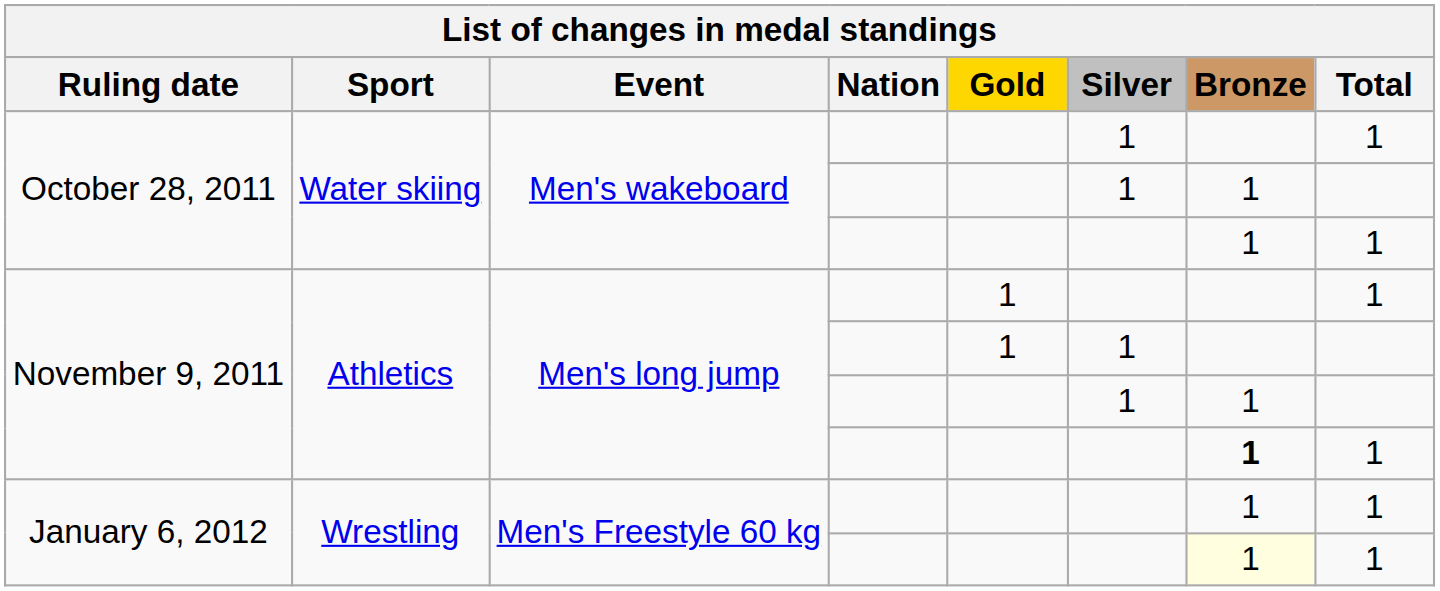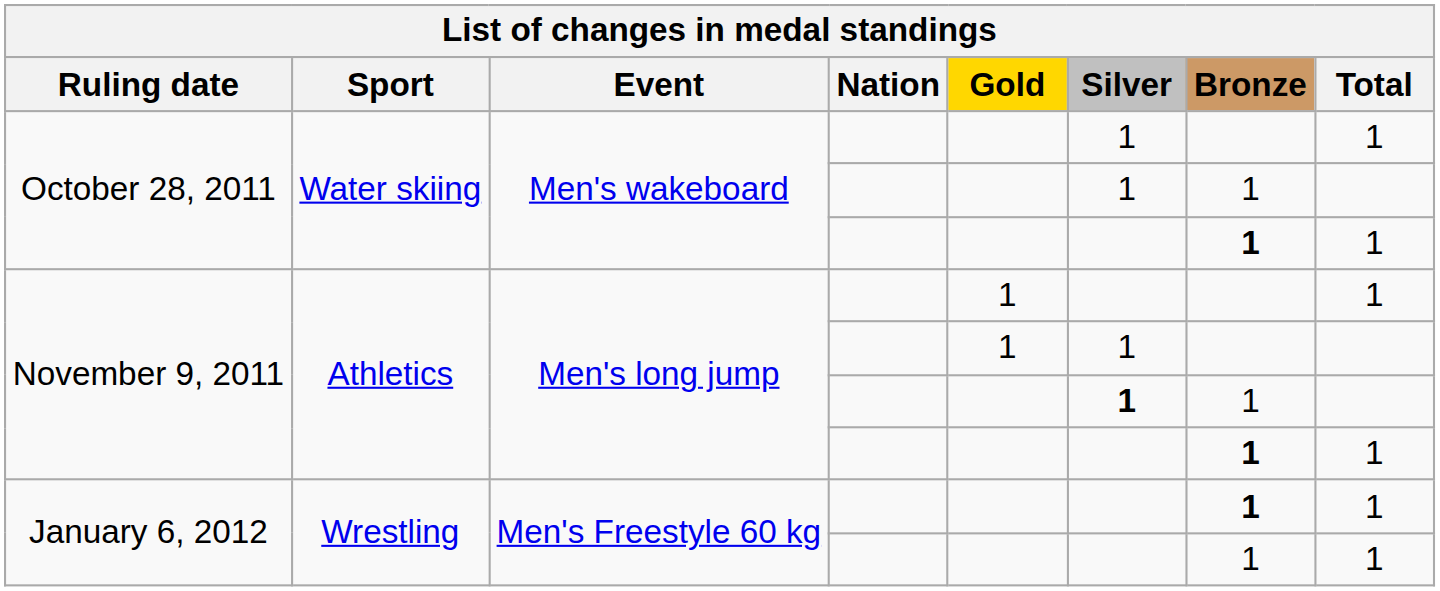 <table class="wikitable" style="text-align:center">
 <tr>
 <th colspan=8>List of changes in medal standings</th>
 </tr>
 <tr>
 <th>Ruling date</th>
 <th>Sport</th>
 <th>Event</th>
 <th>Nation</th>
 <th width=50 style="background:gold;">Gold</th>
 <th width=50 style="background:silver;">Silver</th>
 <th width=50 style="background:#cc9966;">Bronze</th>
 <th width=50>Total</th>
 </tr>
 <tr>
 <td rowspan=3>October 28, 2011</td>
 <td rowspan=3><a href='#'>Water skiing</a></td>
 <td rowspan=3><a href='#'>Men's wakeboard</a></td>
 <td align=left></td>
 <td></td>
 <td> 1</td>
 <td></td>
 <td> 1</td>
 </tr>
 <tr>
 <td align=left></td>
 <td></td>
 <td> 1</td>
 <td> 1</td>
 <td></td>
 </tr>
 <tr>
 <td align=left></td>
 <td></td>
 <td></td>
-<td> 1</td>
+<td><strong> 1</strong></td>
 <td> 1</td>
 </tr>
 <tr>
 <td rowspan=4>November 9, 2011</td>
 <td rowspan=4><a href='#'>Athletics</a></td>
 <td rowspan=4><a href='#'>Men's long jump</a></td>
 <td align=left></td>
 <td> 1</td>
 <td></td>
 <td></td>
 <td> 1</td>
 </tr>
 <tr>
 <td align=left></td>
 <td> 1</td>
 <td> 1</td>
 <td></td>
 <td></td>
 </tr>
 <tr>
 <td align=left></td>
 <td></td>
-<td> 1</td>
+<td><strong> 1</strong></td>
 <td> 1</td>
 <td></td>
 </tr>
 <tr>
 <td align=left></td>
 <td></td>
 <td></td>
 <td><strong> 1</strong></td>
 <td> 1</td>
 </tr>
 <tr>
 <td rowspan=2>January 6, 2012</td>
 <td rowspan=2><a href='#'>Wrestling</a></td>
 <td rowspan=2><a href='#'>Men's Freestyle 60 kg</a></td>
 <td align=left></td>
 <td></td>
 <td></td>
-<td> 1</td>
+<td><strong> 1</strong></td>
 <td> 1</td>
 </tr>
 <tr>
 <td align=left></td>
 <td></td>
 <td></td>
-<td style="background: lightyellow;"> 1</td>
+<td> 1</td>
 <td> 1</td>
 </tr>
 </table>
